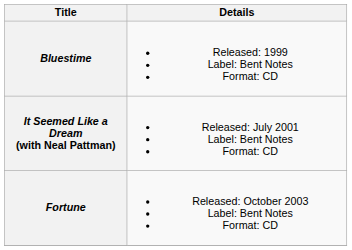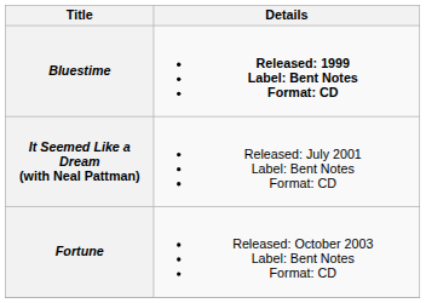 <table class="wikitable plainrowheaders" style="text-align:center;" border="1">
 <tr>
 <th scope="col" style="width:11em;">Title</th>
 <th scope="col" style="width:20em;">Details</th>
 </tr>
 <tr>
 <th scope="row"><em>Bluestime</em></th>
-<td><br><ul><li>Released: 1999</li><li>Label: Bent Notes</li><li>Format: CD</li></ul></td>
+<td><strong><br><ul><li>Released: 1999</li><li>Label: Bent Notes</li><li>Format: CD</li></ul></strong></td>
 </tr>
 <tr>
 <th scope="row"><em>It Seemed Like a Dream</em> <br> (with Neal Pattman)</th>
 <td><br><ul><li>Released: July 2001</li><li>Label: Bent Notes</li><li>Format: CD</li></ul></td>
 </tr>
 <tr>
 <th scope="row"><em>Fortune</em></th>
 <td><br><ul><li>Released: October 2003</li><li>Label: Bent Notes</li><li>Format: CD</li></ul></td>
 </tr>
 <tr>
 </tr>
 </table>
